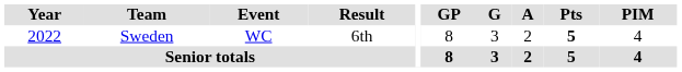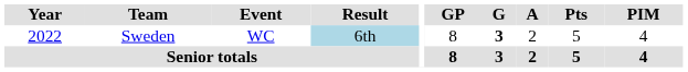 <table border="0" cellpadding="1" cellspacing="0" ID="Table3" style="text-align:center; width:40em">
 <tr ALIGN="center" bgcolor="#e0e0e0">
 <th>Year</th>
 <th>Team</th>
 <th>Event</th>
 <th>Result</th>
 <th rowspan="99" bgcolor="#ffffff"></th>
 <th>GP</th>
 <th>G</th>
 <th>A</th>
 <th>Pts</th>
 <th>PIM</th>
 </tr>
 <tr>
 <td><a href='#'>2022</a></td>
 <td><a href='#'>Sweden</a></td>
 <td><a href='#'>WC</a></td>
-<td>6th</td>
+<td style="background: lightblue;">6th</td>
 <td>8</td>
-<td>3</td>
+<td><strong>3</strong></td>
 <td>2</td>
-<td><strong>5</strong></td>
+<td>5</td>
 <td>4<br></td>
 </tr>
 <tr bgcolor="#e0e0e0">
 <th colspan="4">Senior totals</th>
 <th>8</th>
 <th>3</th>
 <th>2</th>
 <th>5</th>
 <th>4</th>
 </tr>
 </table>
